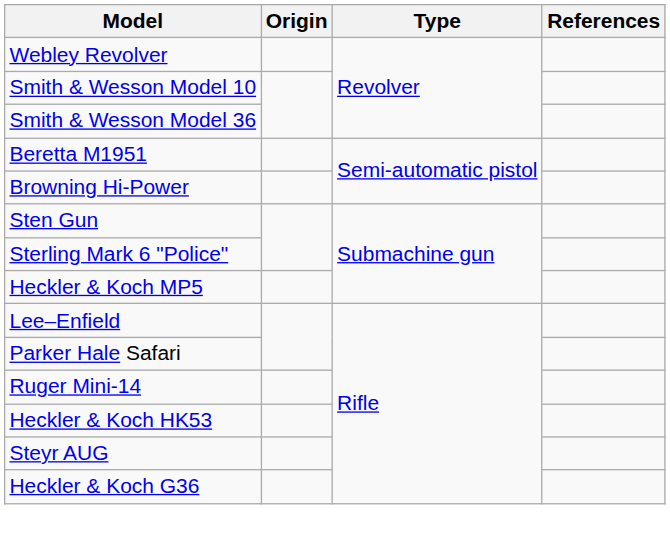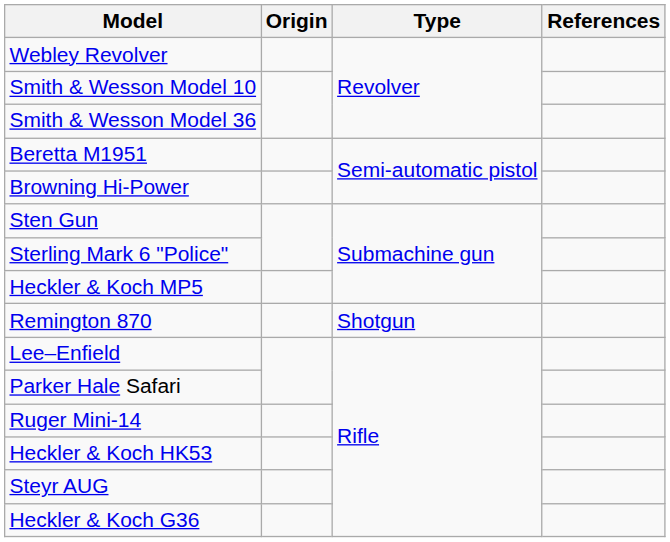 <table class="wikitable">
 <tr>
 <th>Model</th>
 <th>Origin</th>
 <th>Type</th>
 <th>References</th>
 </tr>
 <tr>
 <td><a href='#'>Webley Revolver</a></td>
 <td></td>
 <td rowspan="3"><a href='#'>Revolver</a></td>
 <td></td>
 </tr>
 <tr>
 <td><a href='#'>Smith & Wesson Model 10</a></td>
 <td rowspan="2"></td>
 <td></td>
 </tr>
 <tr>
 <td><a href='#'>Smith & Wesson Model 36</a></td>
 <td></td>
 </tr>
 <tr>
 <td><a href='#'>Beretta M1951</a></td>
 <td></td>
 <td rowspan="2"><a href='#'>Semi-automatic pistol</a></td>
 <td></td>
 </tr>
 <tr>
 <td><a href='#'>Browning Hi-Power</a></td>
 <td></td>
 <td></td>
 </tr>
 <tr>
 <td><a href='#'>Sten Gun</a></td>
 <td rowspan="2"></td>
 <td rowspan="3"><a href='#'>Submachine gun</a></td>
 <td></td>
 </tr>
 <tr>
 <td><a href='#'>Sterling Mark 6 "Police"</a></td>
 <td></td>
 </tr>
 <tr>
 <td><a href='#'>Heckler & Koch MP5</a></td>
 <td></td>
 <td></td>
 </tr>
 <tr>
+<td><a href='#'>Remington 870</a></td>
+<td></td>
+<td><a href='#'>Shotgun</a></td>
+<td></td>
+</tr>
+<tr>
 <td><a href='#'>Lee–Enfield</a></td>
 <td rowspan="2"></td>
 <td rowspan="6"><a href='#'>Rifle</a></td>
 <td></td>
 </tr>
 <tr>
 <td><a href='#'>Parker Hale</a> Safari</td>
 <td></td>
 </tr>
 <tr>
 <td><a href='#'>Ruger Mini-14</a></td>
 <td></td>
 <td></td>
 </tr>
 <tr>
 <td><a href='#'>Heckler & Koch HK53</a></td>
 <td></td>
 <td></td>
 </tr>
 <tr>
 <td><a href='#'>Steyr AUG</a></td>
 <td></td>
 <td></td>
 </tr>
 <tr>
 <td><a href='#'>Heckler & Koch G36</a></td>
 <td></td>
 <td></td>
 </tr>
 </table>
